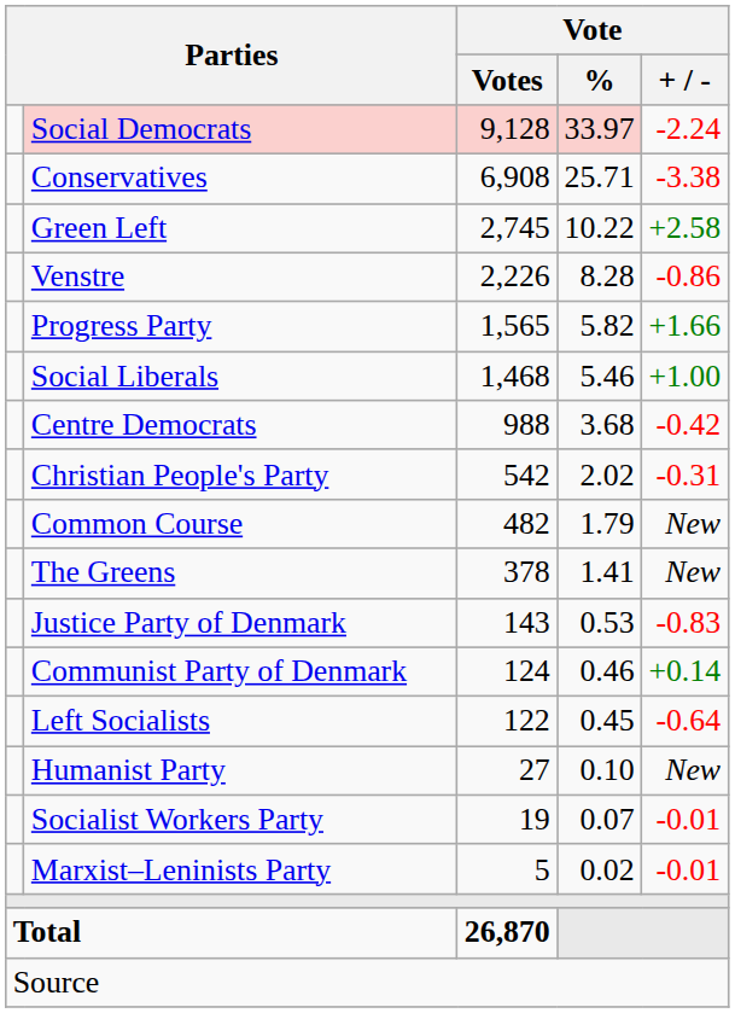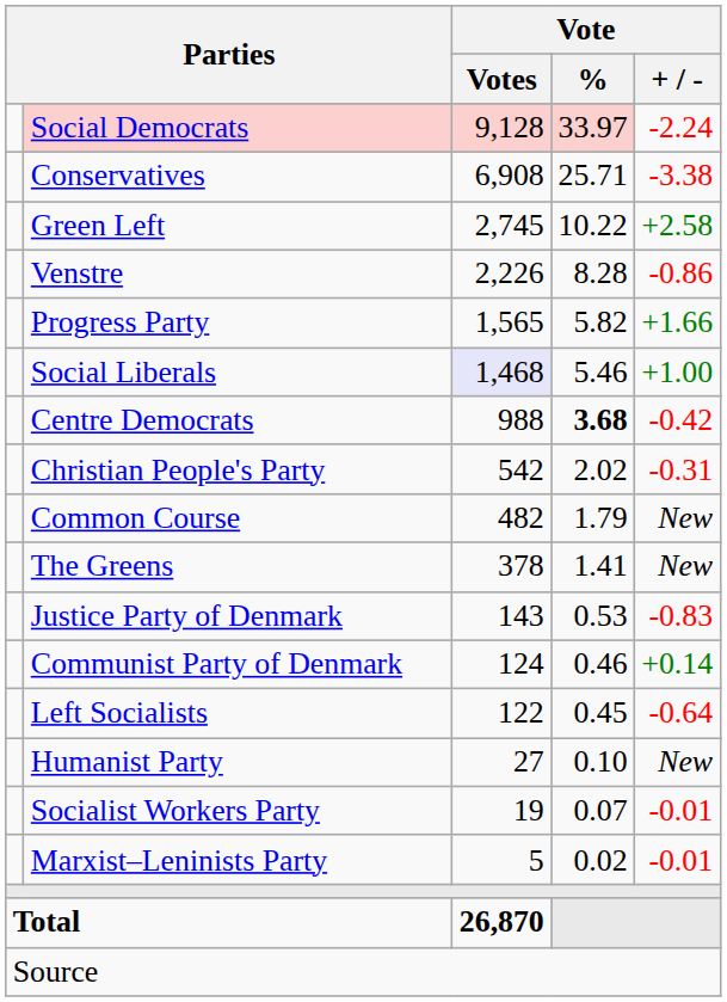 <table class="wikitable" style="text-align:right;">
 <tr>
 <th style="text-align:centre;" rowspan="2" colspan="2" width="225">Parties</th>
 <th colspan="3">Vote</th>
 </tr>
 <tr>
 <th width="15">Votes</th>
 <th width="15">%</th>
 <th width="15">+ / -</th>
 </tr>
 <tr>
 <td width="2" style="color:inherit;background:"></td>
 <td bgcolor=#fbd0ce  align="left"><a href='#'>Social Democrats</a></td>
 <td bgcolor=#fbd0ce>9,128</td>
 <td bgcolor=#fbd0ce>33.97</td>
 <td style=color:red;>-2.24</td>
 </tr>
 <tr>
 <td width="2" style="color:inherit;background:"></td>
 <td align="left"><a href='#'>Conservatives</a></td>
 <td>6,908</td>
 <td>25.71</td>
 <td style=color:red;>-3.38</td>
 </tr>
 <tr>
 <td width="2" style="color:inherit;background:"></td>
 <td align="left"><a href='#'>Green Left</a></td>
 <td>2,745</td>
 <td>10.22</td>
 <td style=color:green;>+2.58</td>
 </tr>
 <tr>
 <td width="2" style="color:inherit;background:"></td>
 <td align="left"><a href='#'>Venstre</a></td>
 <td>2,226</td>
 <td>8.28</td>
 <td style=color:red;>-0.86</td>
 </tr>
 <tr>
 <td width="2" style="color:inherit;background:"></td>
 <td align="left"><a href='#'>Progress Party</a></td>
 <td>1,565</td>
 <td>5.82</td>
 <td style=color:green;>+1.66</td>
 </tr>
 <tr>
 <td width="2" style="color:inherit;background:"></td>
 <td align="left"><a href='#'>Social Liberals</a></td>
-<td>1,468</td>
+<td style="background: lavender;">1,468</td>
 <td>5.46</td>
 <td style=color:green;>+1.00</td>
 </tr>
 <tr>
 <td width="2" style="color:inherit;background:"></td>
 <td align="left"><a href='#'>Centre Democrats</a></td>
 <td>988</td>
-<td>3.68</td>
+<td><strong>3.68</strong></td>
 <td style=color:red;>-0.42</td>
 </tr>
 <tr>
 <td width="2" style="color:inherit;background:"></td>
 <td align="left"><a href='#'>Christian People's Party</a></td>
 <td>542</td>
 <td>2.02</td>
 <td style=color:red;>-0.31</td>
 </tr>
 <tr>
 <td width="2" style="color:inherit;background:"></td>
 <td align="left"><a href='#'>Common Course</a></td>
 <td>482</td>
 <td>1.79</td>
 <td><em>New</em></td>
 </tr>
 <tr>
 <td width="2" style="color:inherit;background:"></td>
 <td align="left"><a href='#'>The Greens</a></td>
 <td>378</td>
 <td>1.41</td>
 <td><em>New</em></td>
 </tr>
 <tr>
 <td width="2" style="color:inherit;background:"></td>
 <td align="left"><a href='#'>Justice Party of Denmark</a></td>
 <td>143</td>
 <td>0.53</td>
 <td style=color:red;>-0.83</td>
 </tr>
 <tr>
 <td width="2" style="color:inherit;background:"></td>
 <td align="left"><a href='#'>Communist Party of Denmark</a></td>
 <td>124</td>
 <td>0.46</td>
 <td style=color:green;>+0.14</td>
 </tr>
 <tr>
 <td width="2" style="color:inherit;background:"></td>
 <td align="left"><a href='#'>Left Socialists</a></td>
 <td>122</td>
 <td>0.45</td>
 <td style=color:red;>-0.64</td>
 </tr>
 <tr>
 <td width="2" style="color:inherit;background:"></td>
 <td align="left"><a href='#'>Humanist Party</a></td>
 <td>27</td>
 <td>0.10</td>
 <td><em>New</em></td>
 </tr>
 <tr>
 <td width="2" style="color:inherit;background:"></td>
 <td align="left"><a href='#'>Socialist Workers Party</a></td>
 <td>19</td>
 <td>0.07</td>
 <td style=color:red;>-0.01</td>
 </tr>
 <tr>
 <td width="2" style="color:inherit;background:"></td>
 <td align="left"><a href='#'>Marxist–Leninists Party</a></td>
 <td>5</td>
 <td>0.02</td>
 <td style=color:red;>-0.01</td>
 </tr>
 <tr>
 <td colspan="7" bgcolor="#E9E9E9"></td>
 </tr>
 <tr>
 <td align="left" colspan="2"><strong>Total</strong></td>
 <td><strong>26,870</strong></td>
 <td bgcolor="#E9E9E9" colspan="2"></td>
 </tr>
 <tr>
 <td align="left" colspan="6">Source</td>
 </tr>
 </table>
